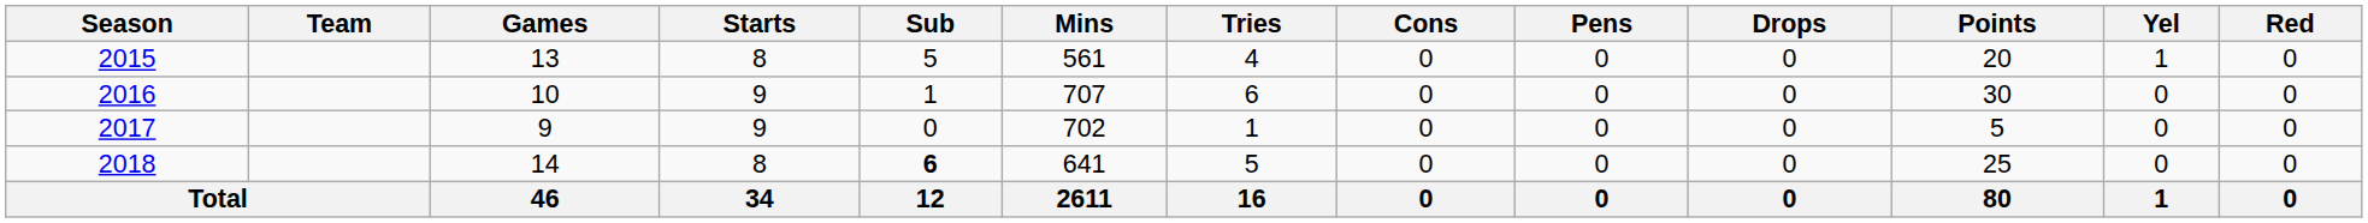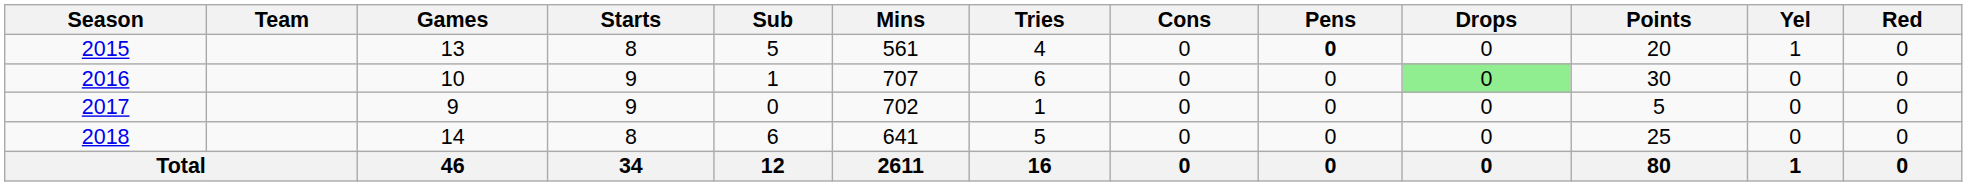 <table class="wikitable" style="text-align:center; line-height:90%; font-size:95%; width:70%;">
 <tr>
 <th>Season</th>
 <th>Team</th>
 <th>Games</th>
 <th>Starts</th>
 <th>Sub</th>
 <th>Mins</th>
 <th>Tries</th>
 <th>Cons</th>
 <th>Pens</th>
 <th>Drops</th>
 <th>Points</th>
 <th>Yel</th>
 <th>Red</th>
 </tr>
 <tr>
 <td><a href='#'>2015</a></td>
 <td></td>
 <td>13</td>
 <td>8</td>
 <td>5</td>
 <td>561</td>
 <td>4</td>
 <td>0</td>
-<td>0</td>
+<td><strong>0</strong></td>
 <td>0</td>
 <td>20</td>
 <td>1</td>
 <td>0</td>
 </tr>
 <tr>
 <td><a href='#'>2016</a></td>
 <td></td>
 <td>10</td>
 <td>9</td>
 <td>1</td>
 <td>707</td>
 <td>6</td>
 <td>0</td>
 <td>0</td>
-<td>0</td>
+<td style="background: lightgreen;">0</td>
 <td>30</td>
 <td>0</td>
 <td>0</td>
 </tr>
 <tr>
 <td><a href='#'>2017</a></td>
 <td></td>
 <td>9</td>
 <td>9</td>
 <td>0</td>
 <td>702</td>
 <td>1</td>
 <td>0</td>
 <td>0</td>
 <td>0</td>
 <td>5</td>
 <td>0</td>
 <td>0</td>
 </tr>
 <tr>
 <td><a href='#'>2018</a></td>
 <td></td>
 <td>14</td>
 <td>8</td>
-<td><strong>6</strong></td>
+<td>6</td>
 <td>641</td>
 <td>5</td>
 <td>0</td>
 <td>0</td>
 <td>0</td>
 <td>25</td>
 <td>0</td>
 <td>0</td>
 </tr>
 <tr>
 <th colspan="2">Total</th>
 <th>46</th>
 <th>34</th>
 <th>12</th>
 <th>2611</th>
 <th>16</th>
 <th>0</th>
 <th>0</th>
 <th>0</th>
 <th>80</th>
 <th>1</th>
 <th>0</th>
 </tr>
 </table>
